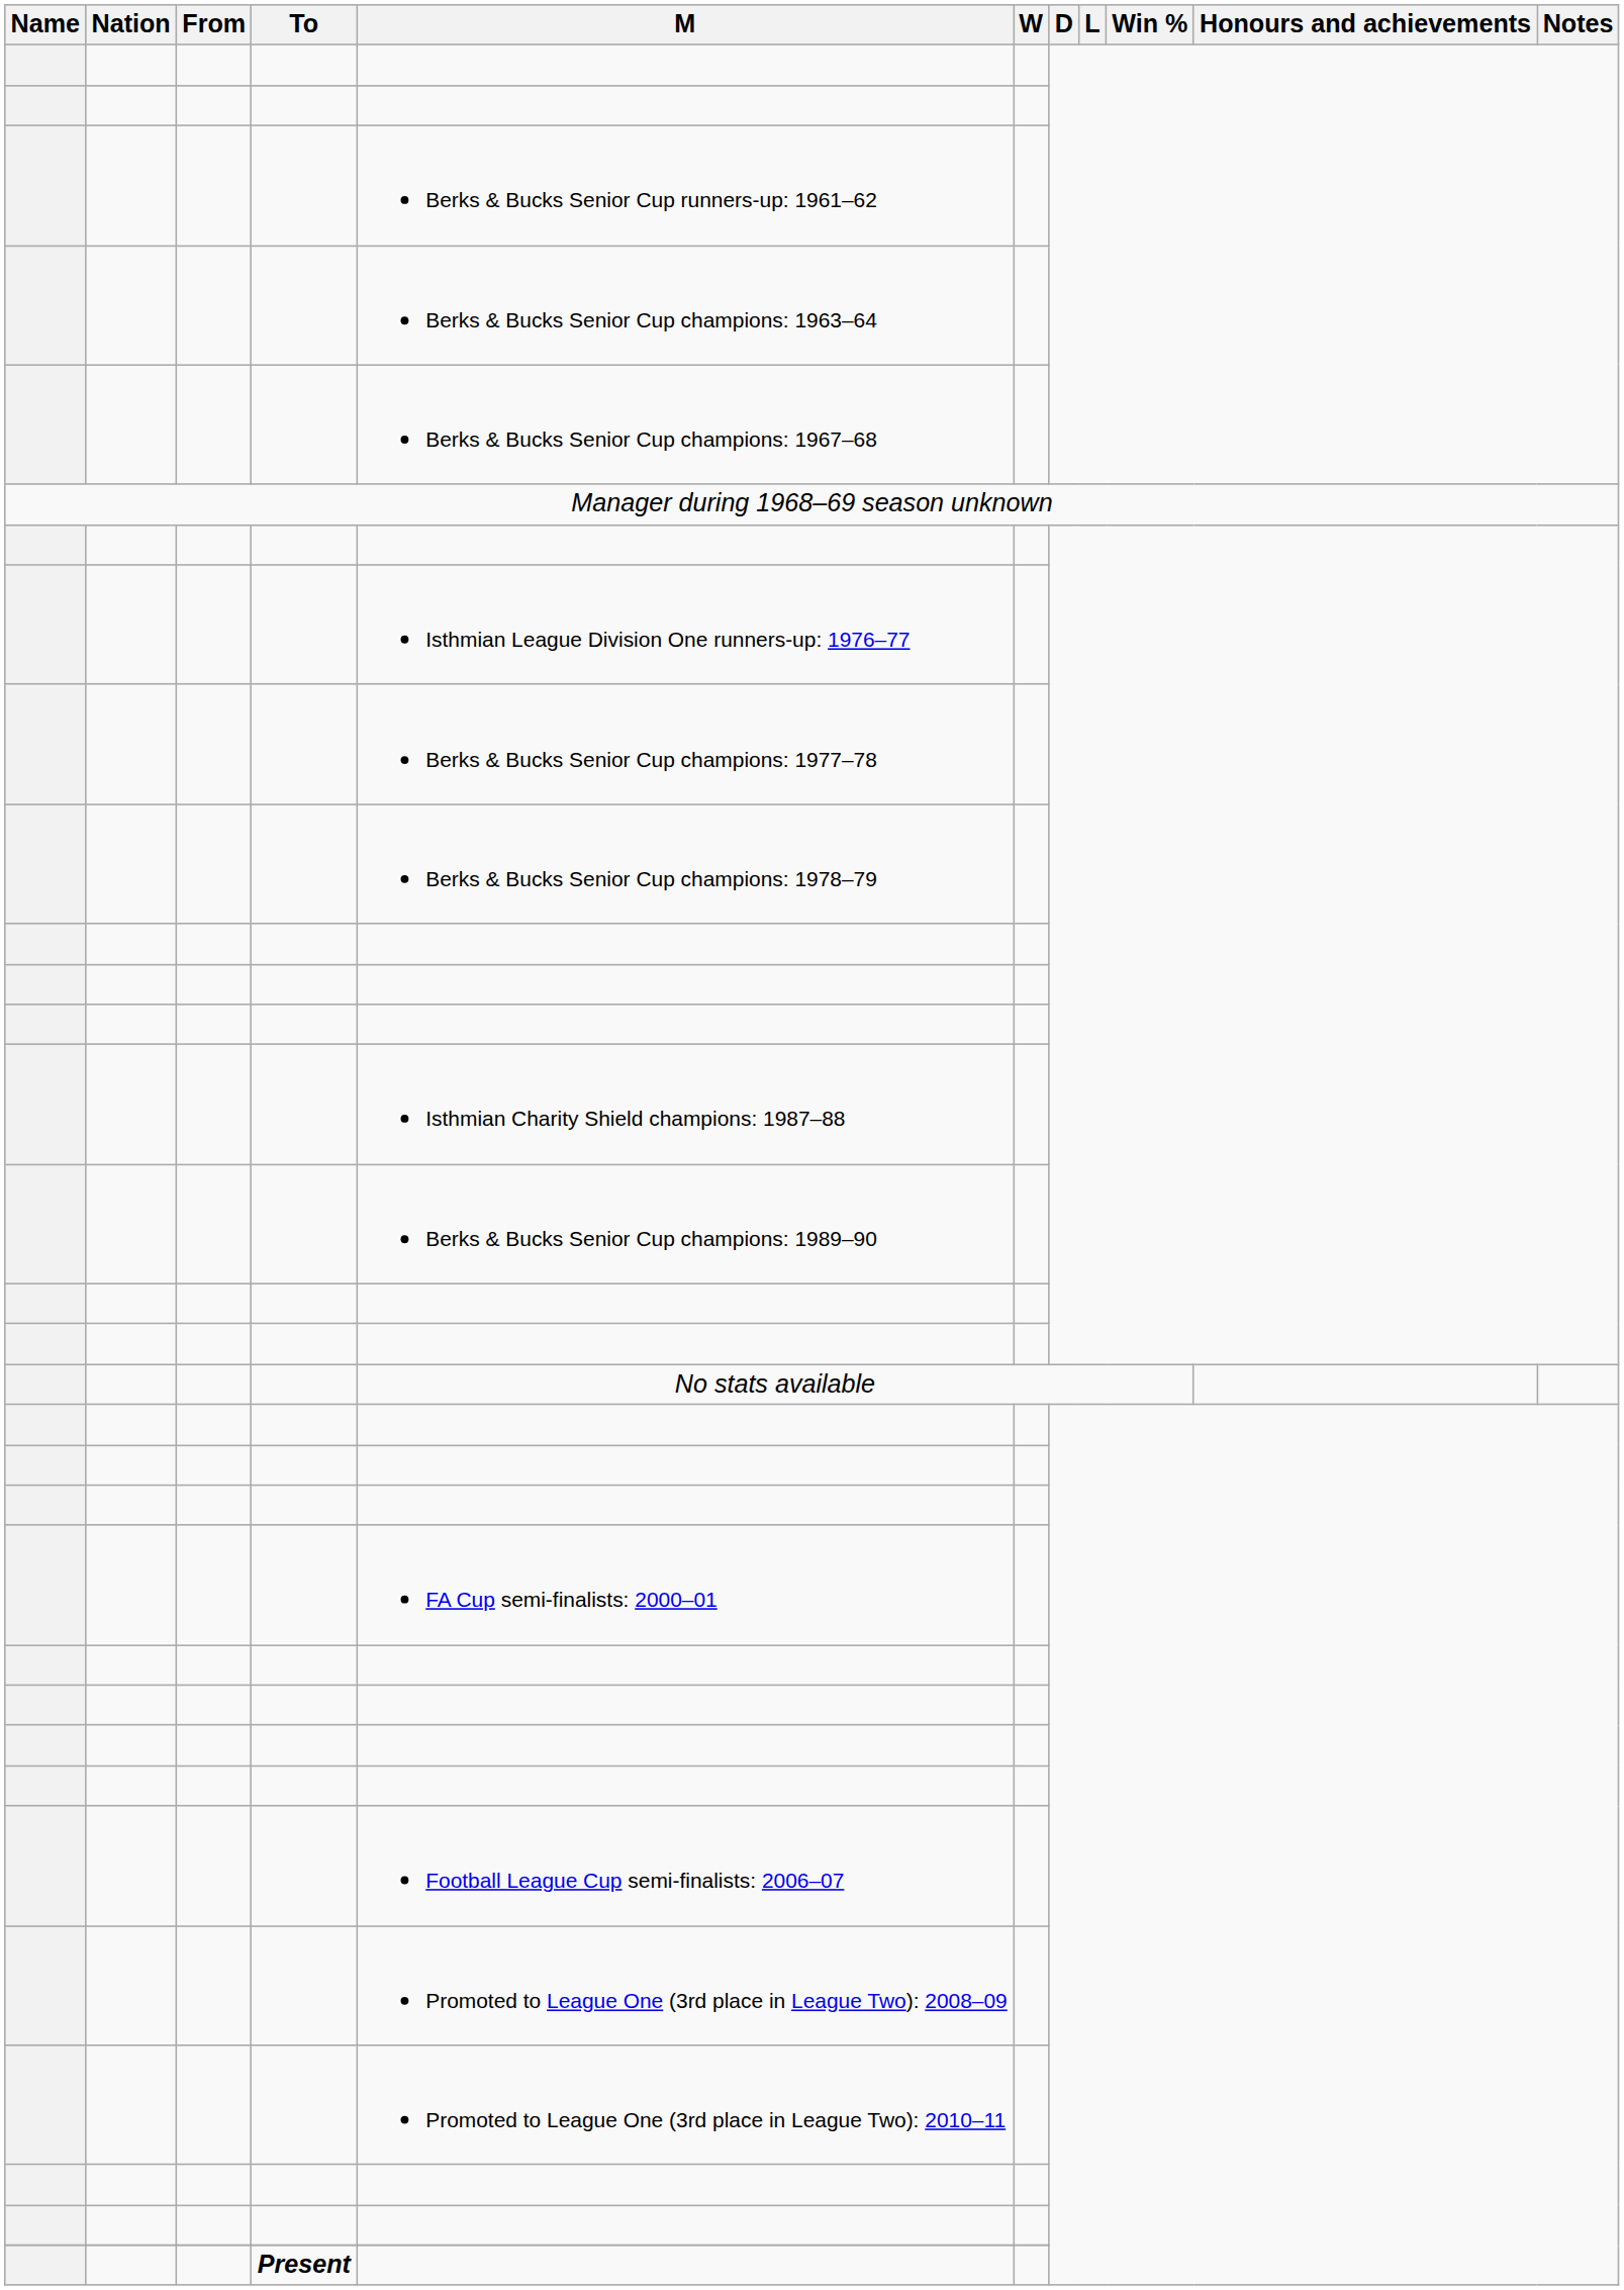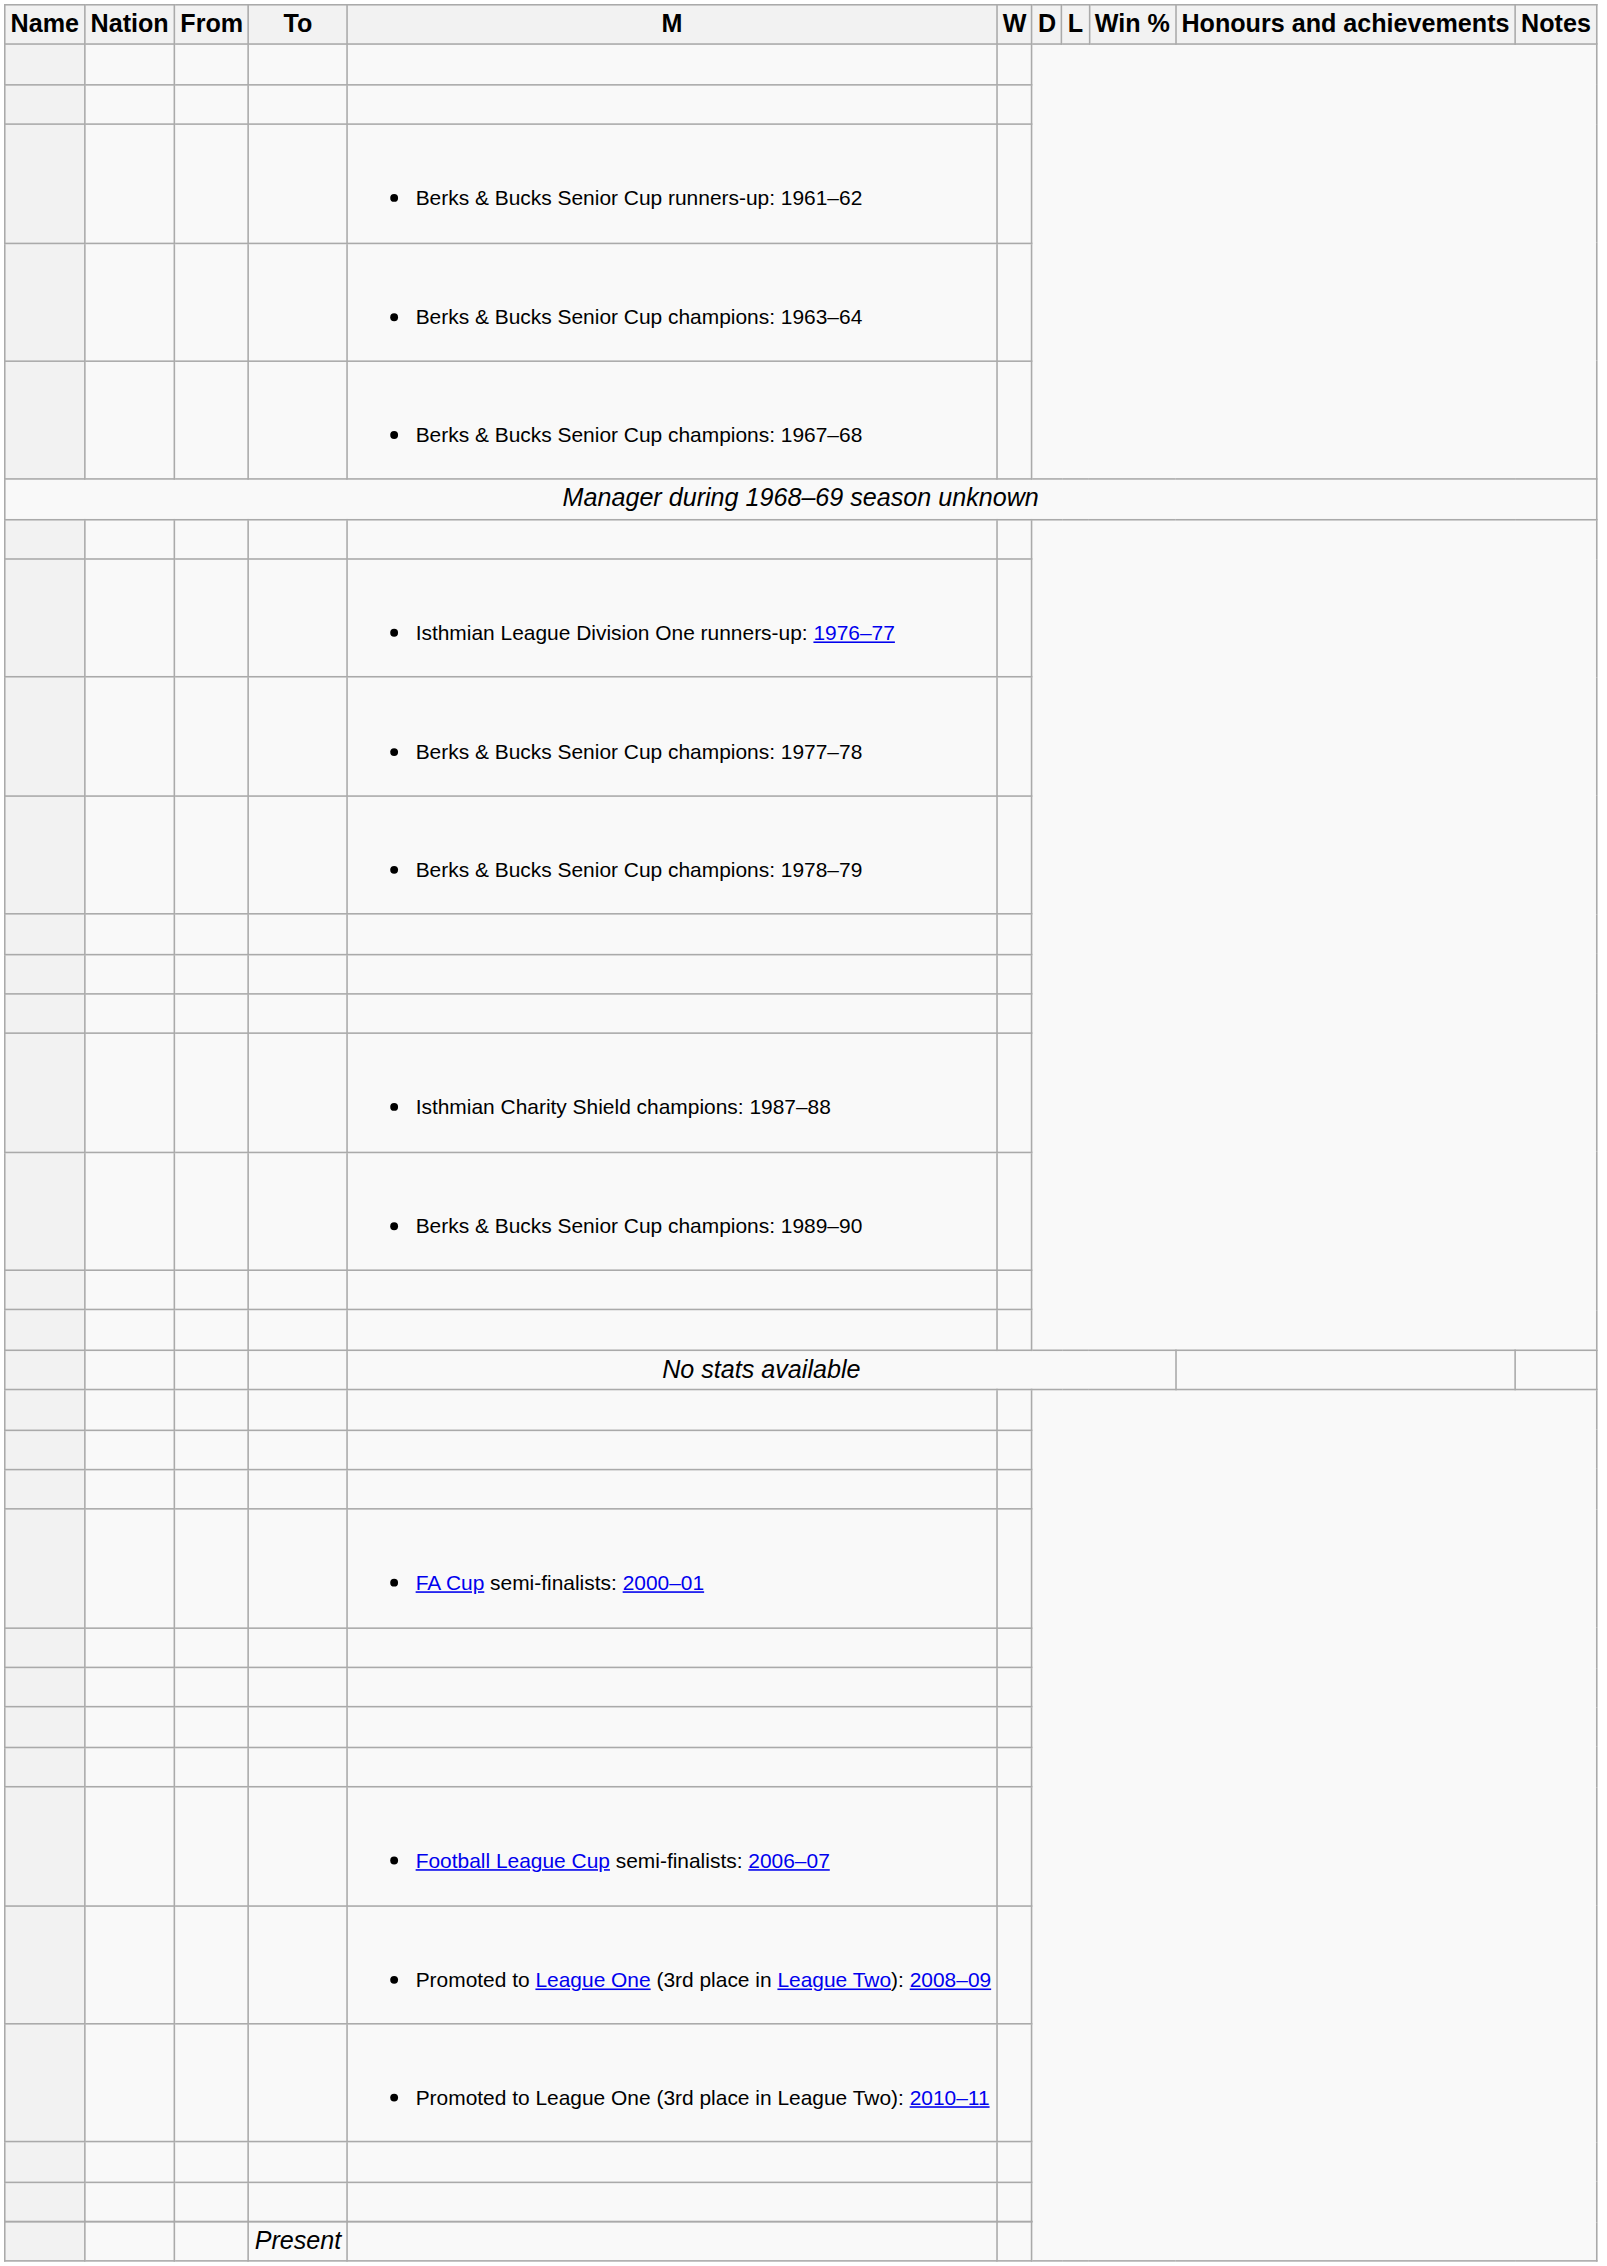 <table class="wikitable sortable plainrowheaders" style="text-align: center">
 <tr>
 <th scope=col>Name</th>
 <th scope=col>Nation</th>
 <th scope=col>From</th>
 <th scope=col class="unsortable">To</th>
 <th scope=col>M</th>
 <th scope=col>W</th>
 <th scope=col>D</th>
 <th scope=col>L</th>
 <th scope=col>Win %</th>
 <th scope=col class="unsortable">Honours and achievements</th>
 <th scope=col class="unsortable">Notes</th>
 </tr>
 <tr>
 <th align=left scope=row></th>
 <td align=left></td>
 <td align=left></td>
 <td align=left><br></td>
 <td align=left></td>
 <td></td>
 </tr>
 <tr>
 <th align=left scope=row></th>
 <td align=left></td>
 <td align=left></td>
 <td align=left><br></td>
 <td align=left></td>
 <td></td>
 </tr>
 <tr>
 <th align=left scope=row></th>
 <td align=left></td>
 <td align=left></td>
 <td align=left><br></td>
 <td align=left><br><ul><li><small>Berks & Bucks Senior Cup runners-up: 1961–62</small></li></ul></td>
 <td></td>
 </tr>
 <tr>
 <th align=left scope=row></th>
 <td align=left></td>
 <td align=left></td>
 <td align=left><br></td>
 <td align=left><br><ul><li><small>Berks & Bucks Senior Cup champions: 1963–64</small></li></ul></td>
 <td></td>
 </tr>
 <tr>
 <th align=left scope=row></th>
 <td align=left></td>
 <td align=left></td>
 <td align=left><br></td>
 <td align=left><br><ul><li><small>Berks & Bucks Senior Cup champions: 1967–68</small></li></ul></td>
 <td></td>
 </tr>
 <tr>
 <td colspan="11" style="text-align:center;"><em>Manager during 1968–69 season unknown</em></td>
 </tr>
 <tr>
 <th align=left scope=row></th>
 <td align=left></td>
 <td align=left></td>
 <td align=left><br></td>
 <td align=left></td>
 <td></td>
 </tr>
 <tr>
 <th align=left scope=row></th>
 <td align=left></td>
 <td align=left></td>
 <td align=left><br></td>
 <td align=left><br><ul><li><small>Isthmian League Division One runners-up: <a href='#'>1976–77</a></small></li></ul></td>
 <td></td>
 </tr>
 <tr>
 <th align=left scope=row></th>
 <td align=left></td>
 <td align=left></td>
 <td align=left><br></td>
 <td align=left><br><ul><li><small>Berks & Bucks Senior Cup champions: 1977–78</small></li></ul></td>
 <td></td>
 </tr>
 <tr>
 <th align=left scope=row></th>
 <td align=left></td>
 <td align=left></td>
 <td align=left><br></td>
 <td align=left><br><ul><li><small>Berks & Bucks Senior Cup champions: 1978–79</small></li></ul></td>
 <td></td>
 </tr>
 <tr>
 <th align=left scope=row></th>
 <td align=left></td>
 <td align=left></td>
 <td align=left><br></td>
 <td align=left></td>
 <td></td>
 </tr>
 <tr>
 <th align=left scope=row></th>
 <td align=left></td>
 <td align=left></td>
 <td align=left><br></td>
 <td align=left></td>
 <td></td>
 </tr>
 <tr>
 <th align=left scope=row></th>
 <td align=left></td>
 <td align=left></td>
 <td align=left><br></td>
 <td align=left></td>
 <td></td>
 </tr>
 <tr>
 <th align=left scope=row></th>
 <td align=left></td>
 <td align=left></td>
 <td align=left><br></td>
 <td align=left><br><ul><li><small>Isthmian Charity Shield champions: 1987–88</small></li></ul></td>
 <td></td>
 </tr>
 <tr>
 <th align=left scope=row></th>
 <td align=left></td>
 <td align=left></td>
 <td align=left><br></td>
 <td align=left><br><ul><li><small>Berks & Bucks Senior Cup champions: 1989–90</small></li></ul></td>
 <td></td>
 </tr>
 <tr>
 <th align=left scope=row></th>
 <td align=left></td>
 <td align=left></td>
 <td align=left><br></td>
 <td align=left></td>
 <td></td>
 </tr>
 <tr>
 <th align=left scope=row></th>
 <td align=left></td>
 <td align=left></td>
 <td align=left><br></td>
 <td align=left></td>
 <td></td>
 </tr>
 <tr style="font-style:italic">
 <th align=left scope=row></th>
 <td align=left></td>
 <td align=left></td>
 <td align=left></td>
 <td colspan="5">No stats available</td>
 <td align=left></td>
 <td></td>
 </tr>
 <tr>
 <th align=left scope=row></th>
 <td align=left></td>
 <td align=left></td>
 <td align=left><br></td>
 <td align=left></td>
 <td></td>
 </tr>
 <tr>
 <th align=left scope=row></th>
 <td align=left></td>
 <td align=left></td>
 <td align=left><br></td>
 <td align=left></td>
 <td></td>
 </tr>
 <tr style="font-style:italic">
 <th align=left scope=row></th>
 <td align=left></td>
 <td align=left></td>
 <td align=left><br></td>
 <td align=left></td>
 <td></td>
 </tr>
 <tr>
 <th align=left scope=row></th>
 <td align=left></td>
 <td align=left></td>
 <td align=left><br></td>
 <td align=left><br><ul><li><small><a href='#'>FA Cup</a> semi-finalists: <a href='#'>2000–01</a></small></li></ul></td>
 <td></td>
 </tr>
 <tr style="font-style:italic">
 <th align=left scope=row></th>
 <td align=left></td>
 <td align=left></td>
 <td align=left><br></td>
 <td align=left></td>
 <td></td>
 </tr>
 <tr>
 <th align=left scope=row></th>
 <td align=left></td>
 <td align=left></td>
 <td align=left><br></td>
 <td align=left></td>
 <td></td>
 </tr>
 <tr style="font-style:italic">
 <th align=left scope=row></th>
 <td align=left></td>
 <td align=left></td>
 <td align=left><br></td>
 <td align=left></td>
 <td></td>
 </tr>
 <tr>
 <th align=left scope=row></th>
 <td align=left></td>
 <td align=left></td>
 <td align=left><br></td>
 <td align=left></td>
 <td></td>
 </tr>
 <tr>
 <th align=left scope=row></th>
 <td align=left></td>
 <td align=left></td>
 <td align=left><br></td>
 <td align=left><br><ul><li><small><a href='#'>Football League Cup</a> semi-finalists: <a href='#'>2006–07</a></small></li></ul></td>
 <td></td>
 </tr>
 <tr>
 <th align=left scope=row></th>
 <td align=left></td>
 <td align=left></td>
 <td align=left><br></td>
 <td align=left><br><ul><li><small>Promoted to <a href='#'>League One</a> (3rd place in <a href='#'>League Two</a>): <a href='#'>2008–09</a></small></li></ul></td>
 <td></td>
 </tr>
 <tr>
 <th align=left scope=row></th>
 <td align=left></td>
 <td align=left></td>
 <td align=left><br></td>
 <td align=left><br><ul><li><small>Promoted to League One (3rd place in League Two): <a href='#'>2010–11</a></small></li></ul></td>
 <td></td>
 </tr>
 <tr>
 <th align=left scope=row></th>
 <td align=left></td>
 <td align=left></td>
 <td align=left><br></td>
 <td align=left></td>
 <td></td>
 </tr>
 <tr>
 <th align=left scope=row></th>
 <td align=left></td>
 <td align=left></td>
 <td align=left><br></td>
 <td></td>
 <td></td>
 </tr>
 <tr>
 </tr>
 <tr>
 <th align=left scope=row></th>
 <td align=left></td>
 <td align=left></td>
-<td align=left><strong><em>Present</em><br></strong></td>
+<td align=left><em>Present</em><br></td>
 <td></td>
 <td></td>
 </tr>
 </table>
